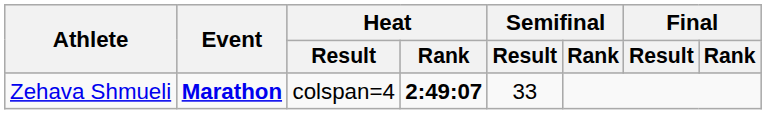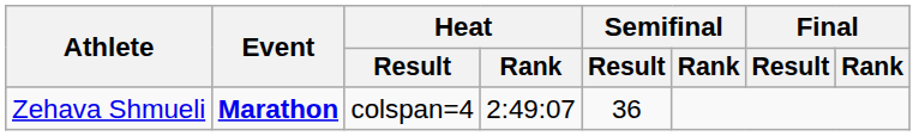 <table class=wikitable style=font-size:90%>
 <tr>
 <th rowspan=2>Athlete</th>
 <th rowspan=2>Event</th>
 <th colspan=2>Heat</th>
 <th colspan=2>Semifinal</th>
 <th colspan=2>Final</th>
 </tr>
 <tr style=font-size:95%>
 <th>Result</th>
 <th>Rank</th>
 <th>Result</th>
 <th>Rank</th>
 <th>Result</th>
 <th>Rank</th>
 </tr>
 <tr align=center>
 <td align=left><a href='#'>Zehava Shmueli</a></td>
 <td align=left><strong><a href='#'>Marathon</a></strong></td>
 <td>colspan=4 </td>
-<td><strong>2:49:07</strong></td>
-<td>33</td>
+<td>2:49:07</td>
+<td>36</td>
 </tr>
 </table>
